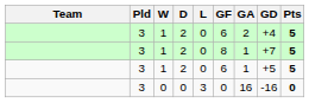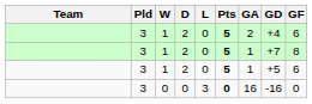 <table class="wikitable" style="text-align:center;">
 <tr>
 <th width=165>Team</th>
 <th width=20>Pld</th>
 <th width=20>W</th>
 <th width=20>D</th>
 <th width=20>L</th>
-<th width=20>GF</th>
+<th width=20>Pts</th>
 <th width=20>GA</th>
 <th width=25>GD</th>
-<th width=20>Pts</th>
+<th width=20>GF</th>
 </tr>
 <tr align=center style="background:#ccffcc;">
 <td style="text-align:left;"></td>
 <td>3</td>
 <td>1</td>
 <td>2</td>
 <td>0</td>
-<td>6</td>
+<td><strong>5</strong></td>
 <td>2</td>
 <td>+4</td>
-<td><strong>5</strong></td>
+<td>6</td>
 </tr>
 <tr align=center style="background:#ccffcc">
 <td style="text-align:left;"></td>
 <td>3</td>
 <td>1</td>
 <td>2</td>
 <td>0</td>
-<td>8</td>
+<td><strong>5</strong></td>
 <td>1</td>
 <td>+7</td>
-<td><strong>5</strong></td>
+<td>8</td>
 </tr>
 <tr>
 <td style="text-align:left;"></td>
 <td>3</td>
 <td>1</td>
 <td>2</td>
 <td>0</td>
-<td>6</td>
+<td><strong>5</strong></td>
 <td>1</td>
 <td>+5</td>
-<td><strong>5</strong></td>
+<td>6</td>
 </tr>
 <tr>
 <td style="text-align:left;"></td>
 <td>3</td>
 <td>0</td>
 <td>0</td>
 <td>3</td>
-<td>0</td>
+<td><strong>0</strong></td>
 <td>16</td>
 <td>-16</td>
-<td><strong>0</strong></td>
+<td>0</td>
 </tr>
 </table>
